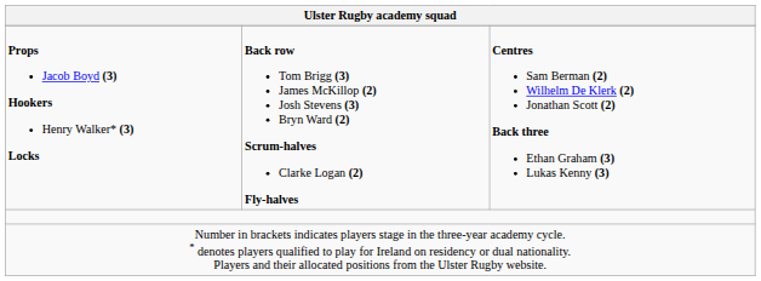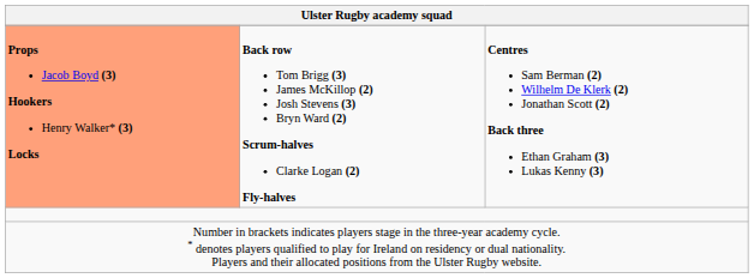 <table class="wikitable" style="text-align:left; font-size:90%; width:70%">
 <tr>
 <th colspan="100%">Ulster Rugby academy squad</th>
 </tr>
 <tr>
 </tr>
 <tr valign="top">
-<td><br><strong>Props</strong><ul><li> <a href='#'>Jacob Boyd</a> <strong>(3)</strong></li></ul><strong>Hookers</strong><ul><li> Henry Walker* <strong>(3)</strong></li></ul><strong>Locks</strong></td>
+<td style="background: lightsalmon;"><br><strong>Props</strong><ul><li> <a href='#'>Jacob Boyd</a> <strong>(3)</strong></li></ul><strong>Hookers</strong><ul><li> Henry Walker* <strong>(3)</strong></li></ul><strong>Locks</strong></td>
 <td><br><strong>Back row</strong><ul><li> Tom Brigg <strong>(3)</strong></li><li> James McKillop <strong>(2)</strong></li><li> Josh Stevens <strong>(3)</strong></li><li> Bryn Ward <strong>(2)</strong></li></ul><strong>Scrum-halves</strong><ul><li> Clarke Logan <strong>(2)</strong></li></ul><strong>Fly-halves</strong></td>
 <td><br><strong>Centres</strong><ul><li> Sam Berman <strong>(2)</strong></li><li> <a href='#'>Wilhelm De Klerk</a> <strong>(2)</strong></li><li> Jonathan Scott <strong>(2)</strong></li></ul><strong>Back three</strong><ul><li> Ethan Graham <strong>(3)</strong></li><li> Lukas Kenny <strong>(3)</strong></li></ul></td>
 </tr>
 <tr>
 <td colspan="100%" style="height: 10px;"></td>
 </tr>
 <tr>
 <td colspan="100%" style="text-align:center;">Number in brackets indicates players stage in the three-year academy cycle.<br> <sup>*</sup> denotes players qualified to play for Ireland on residency or dual nationality. <br> Players and their allocated positions from the Ulster Rugby website.</td>
 </tr>
 </table>
